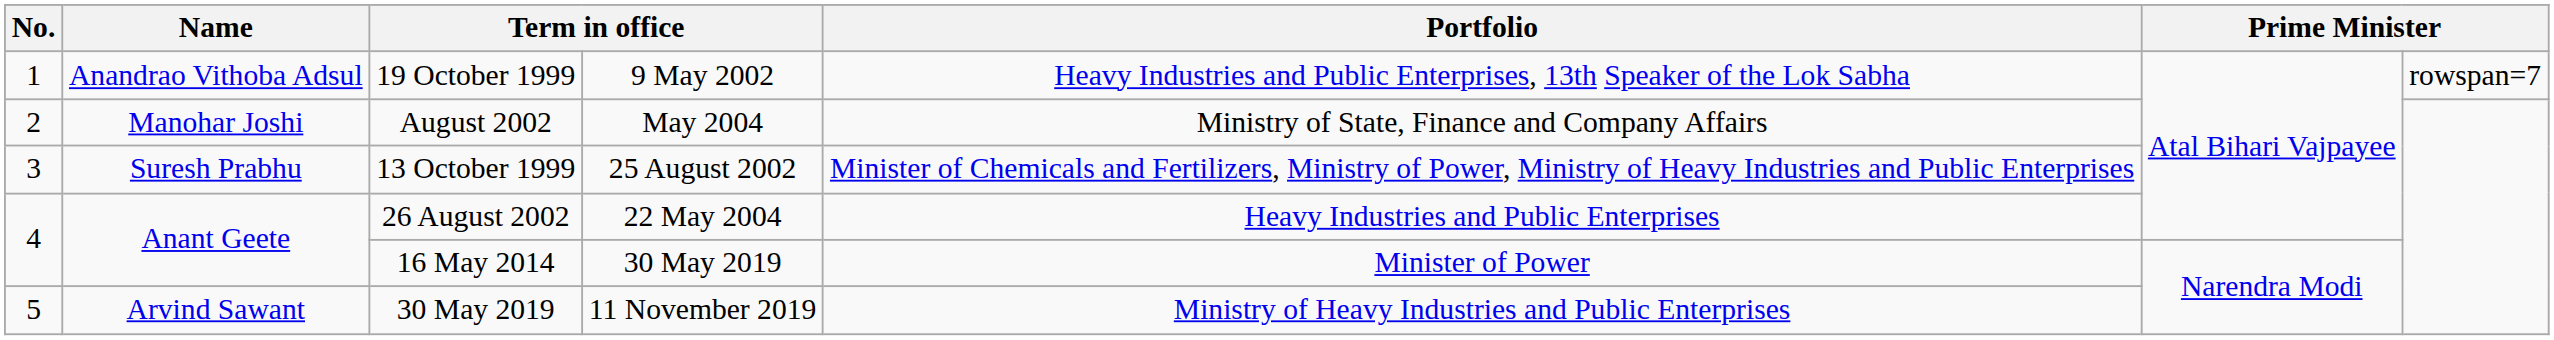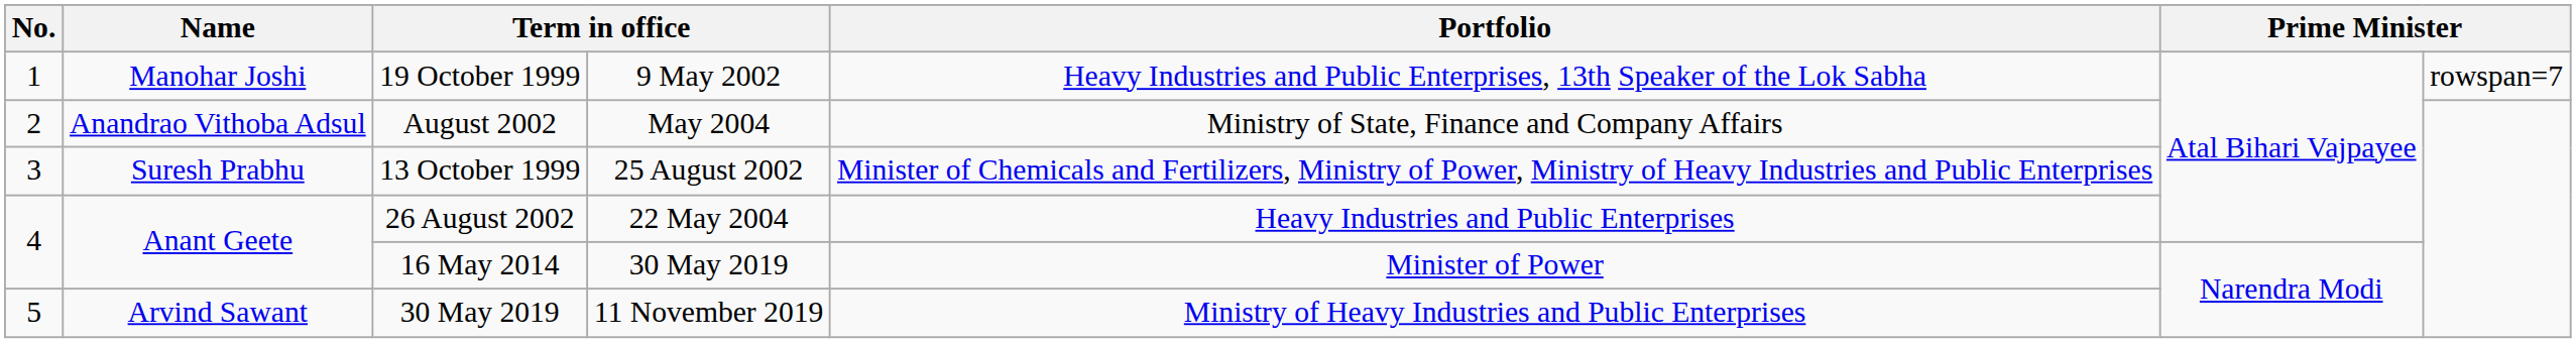 <table class="wikitable sortable" style="text-align:center;">
 <tr>
 <th Style="background-color:">No.</th>
 <th Style="background-color:">Name</th>
 <th colspan="2" Style="background-color:">Term in office</th>
 <th Style="background-color:">Portfolio</th>
 <th colspan="2" Style="background-color:">Prime Minister</th>
 </tr>
 <tr align=center>
 <td>1</td>
-<td><a href='#'>Anandrao Vithoba Adsul</a></td>
+<td><a href='#'>Manohar Joshi</a></td>
 <td>19 October 1999</td>
 <td>9 May 2002</td>
 <td><a href='#'>Heavy Industries and Public Enterprises</a>, <a href='#'>13th</a> <a href='#'>Speaker of the Lok Sabha</a></td>
 <td rowspan=4><a href='#'>Atal Bihari Vajpayee</a></td>
 <td>rowspan=7 </td>
 </tr>
 <tr>
 <td>2</td>
-<td><a href='#'>Manohar Joshi</a></td>
+<td><a href='#'>Anandrao Vithoba Adsul</a></td>
 <td>August 2002</td>
 <td>May 2004</td>
 <td>Ministry of State, Finance and Company Affairs</td>
 </tr>
 <tr>
 <td>3</td>
 <td><a href='#'>Suresh Prabhu</a></td>
 <td>13 October 1999</td>
 <td>25 August 2002</td>
 <td><a href='#'>Minister of Chemicals and Fertilizers</a>, <a href='#'>Ministry of Power</a>, <a href='#'>Ministry of Heavy Industries and Public Enterprises</a></td>
 </tr>
 <tr>
 <td rowspan="2">4</td>
 <td rowspan="2"><a href='#'>Anant Geete</a></td>
 <td>26 August 2002</td>
 <td>22 May 2004</td>
 <td><a href='#'>Heavy Industries and Public Enterprises</a></td>
 </tr>
 <tr>
 <td>16 May 2014</td>
 <td>30 May 2019</td>
 <td><a href='#'>Minister of Power</a></td>
 <td rowspan=2><a href='#'>Narendra Modi</a></td>
 </tr>
 <tr>
 <td>5</td>
 <td><a href='#'>Arvind Sawant</a></td>
 <td>30 May 2019</td>
 <td>11 November 2019</td>
 <td><a href='#'>Ministry of Heavy Industries and Public Enterprises</a></td>
 </tr>
 </table>
